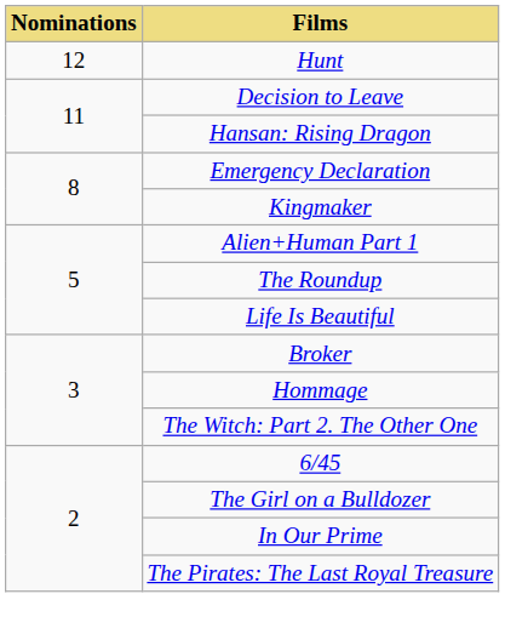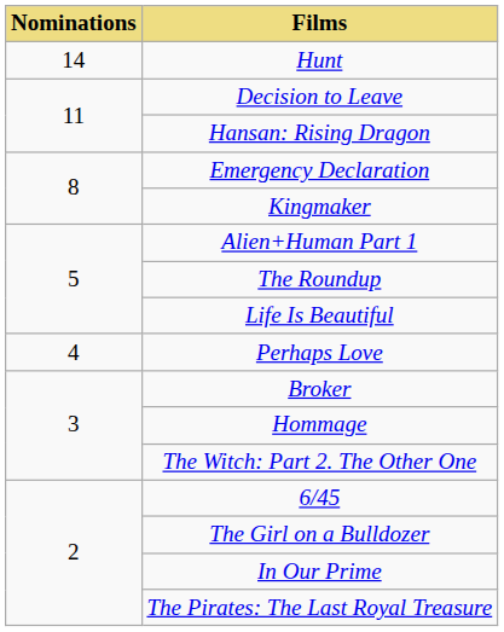 <table class="wikitable" align="center" style="text-align: center">
 <tr>
 <th style="background:#EEDD82; text-align:center">Nominations</th>
 <th style="background:#EEDD82; text-align:center">Films</th>
 </tr>
 <tr>
-<td style="text-align:center">12</td>
+<td style="text-align:center">14</td>
 <td><em><a href='#'>Hunt</a></em></td>
 </tr>
 <tr>
 <td rowspan=2 style="text-align:center">11</td>
 <td><em><a href='#'>Decision to Leave</a></em></td>
 </tr>
 <tr>
 <td><em><a href='#'>Hansan: Rising Dragon</a></em></td>
 </tr>
 <tr>
 <td rowspan=2 style="text-align:center">8</td>
 <td><em><a href='#'>Emergency Declaration</a></em></td>
 </tr>
 <tr>
 <td><em><a href='#'>Kingmaker</a></em></td>
 </tr>
 <tr>
 <td rowspan=3 style="text-align:center">5</td>
 <td><em><a href='#'>Alien+Human Part 1</a></em></td>
 </tr>
 <tr>
 <td><em><a href='#'>The Roundup</a></em></td>
 </tr>
 <tr>
 <td><em><a href='#'>Life Is Beautiful</a></em></td>
 </tr>
 <tr>
+<td style="text-align:center">4</td>
+<td><em><a href='#'>Perhaps Love</a></em></td>
+</tr>
+<tr>
 <td rowspan=3 style="text-align:center">3</td>
 <td><em><a href='#'>Broker</a></em></td>
 </tr>
 <tr>
 <td><em><a href='#'>Hommage</a></em></td>
 </tr>
 <tr>
 <td><em><a href='#'>The Witch: Part 2. The Other One</a></em></td>
 </tr>
 <tr>
 <td rowspan=4 style="text-align:center">2</td>
 <td><em><a href='#'>6/45</a></em></td>
 </tr>
 <tr>
 <td><em><a href='#'>The Girl on a Bulldozer</a></em></td>
 </tr>
 <tr>
 <td><em><a href='#'>In Our Prime</a></em></td>
 </tr>
 <tr>
 <td><em><a href='#'>The Pirates: The Last Royal Treasure</a></em></td>
 </tr>
 </table>
